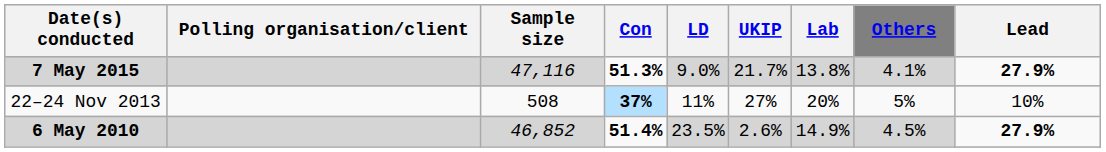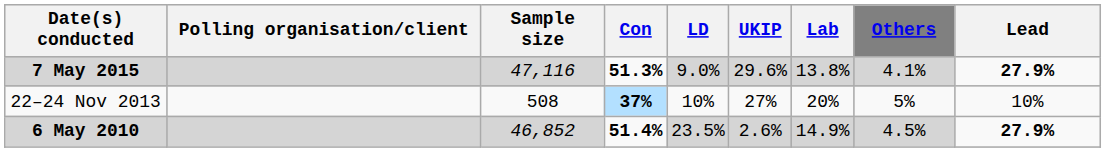 <table class="wikitable sortable" style="text-align:center;font-size:90%;line-height:14px">
 <tr>
 <th ! style="width:100px;">Date(s)<br>conducted</th>
 <th style="width:200px;">Polling organisation/client</th>
 <th class="unsortable" style="width:75px;">Sample size</th>
 <th class="unsortable" style="background:"><a href='#'><span>Con</span></a></th>
 <th class="unsortable" style="background:"><a href='#'><span>LD</span></a></th>
 <th class="unsortable" style="background:"><a href='#'><span>UKIP</span></a></th>
 <th class="unsortable" style="background:"><a href='#'><span>Lab</span></a></th>
 <th class="unsortable" style="background:gray; width:60px;"><a href='#'><span>Others</span></a></th>
 <th class="unsortable" style="width:90px;">Lead</th>
 </tr>
 <tr>
 <td style="background:#D5D5D5"><strong>7 May 2015</strong></td>
 <td style="background:#D5D5D5"></td>
 <td style="background:#D5D5D5"><em>47,116</em></td>
 <td style="background:"><strong>51.3%</strong></td>
 <td style="background:#D5D5D5">9.0%</td>
-<td style="background:#D5D5D5">21.7%</td>
+<td style="background:#D5D5D5">29.6%</td>
 <td style="background:#D5D5D5">13.8%</td>
 <td style="background:#D5D5D5">4.1%</td>
 <td style="background:"><strong>27.9% </strong></td>
 </tr>
 <tr>
 <td>22–24 Nov 2013</td>
 <td></td>
 <td>508</td>
 <td style="background:#B3E0FF"><strong>37%</strong></td>
-<td>11%</td>
+<td>10%</td>
 <td>27%</td>
 <td>20%</td>
 <td>5%</td>
 <td style="background:">10%</td>
 </tr>
 <tr>
 <td style="background:#D5D5D5"><strong>6 May 2010</strong></td>
 <td style="background:#D5D5D5"></td>
 <td style="background:#D5D5D5"><em>46,852</em></td>
 <td style="background:"><strong>51.4%</strong></td>
 <td style="background:#D5D5D5">23.5%</td>
 <td style="background:#D5D5D5">2.6%</td>
 <td style="background:#D5D5D5">14.9%</td>
 <td style="background:#D5D5D5">4.5%</td>
 <td style="background:"><strong>27.9% </strong></td>
 </tr>
 </table>
